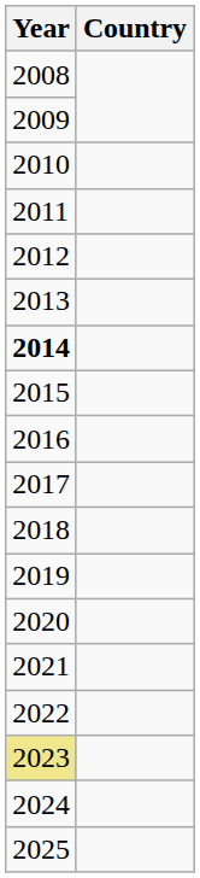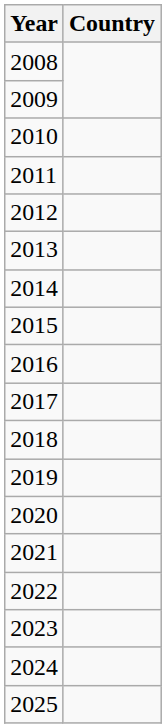 <table class="wikitable sortable mw-collapsible mw-collapsed">
 <tr>
 <th>Year</th>
 <th>Country</th>
 </tr>
 <tr>
 <td>2008</td>
 <td rowspan="2"></td>
 </tr>
 <tr>
 <td>2009</td>
 </tr>
 <tr>
 <td>2010</td>
 <td></td>
 </tr>
 <tr>
 <td>2011</td>
 <td></td>
 </tr>
 <tr>
 <td>2012</td>
 <td></td>
 </tr>
 <tr>
 <td>2013</td>
 <td></td>
 </tr>
 <tr>
-<td><strong>2014</strong></td>
+<td>2014</td>
 <td></td>
 </tr>
 <tr>
 <td>2015</td>
 <td></td>
 </tr>
 <tr>
 <td>2016</td>
 <td></td>
 </tr>
 <tr>
 <td>2017</td>
 <td></td>
 </tr>
 <tr>
 <td>2018</td>
 <td></td>
 </tr>
 <tr>
 <td>2019</td>
 <td></td>
 </tr>
 <tr>
 <td>2020</td>
 <td></td>
 </tr>
 <tr>
 <td>2021</td>
 <td></td>
 </tr>
 <tr>
 <td>2022</td>
 <td></td>
 </tr>
 <tr>
-<td style="background: khaki;">2023</td>
+<td>2023</td>
 <td></td>
 </tr>
 <tr>
 <td>2024</td>
 <td></td>
 </tr>
 <tr>
 <td>2025</td>
 <td></td>
 </tr>
 </table>
